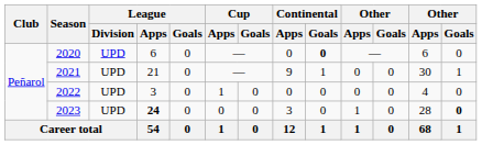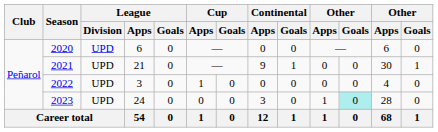 <table class="wikitable" Style="text-align: center">
 <tr>
 <th rowspan="2">Club</th>
 <th rowspan="2">Season</th>
 <th colspan="3">League</th>
 <th colspan="2">Cup</th>
 <th colspan="2">Continental</th>
 <th colspan="2">Other</th>
 <th colspan="2">Other</th>
 </tr>
 <tr>
 <th>Division</th>
 <th>Apps</th>
 <th>Goals</th>
 <th>Apps</th>
 <th>Goals</th>
 <th>Apps</th>
 <th>Goals</th>
 <th>Apps</th>
 <th>Goals</th>
 <th>Apps</th>
 <th>Goals</th>
 </tr>
 <tr>
 <td rowspan="4"><a href='#'>Peñarol</a></td>
 <td><a href='#'>2020</a></td>
 <td><a href='#'>UPD</a></td>
 <td>6</td>
 <td>0</td>
 <td colspan="2">—</td>
 <td>0</td>
-<td><strong>0</strong></td>
+<td>0</td>
 <td colspan="2">—</td>
 <td>6</td>
 <td>0</td>
 </tr>
 <tr>
 <td><a href='#'>2021</a></td>
 <td>UPD</td>
 <td>21</td>
 <td>0</td>
 <td colspan="2">—</td>
 <td>9</td>
 <td>1</td>
 <td>0</td>
 <td>0</td>
 <td>30</td>
 <td>1</td>
 </tr>
 <tr>
 <td><a href='#'>2022</a></td>
 <td>UPD</td>
 <td>3</td>
 <td>0</td>
 <td>1</td>
 <td>0</td>
 <td>0</td>
 <td>0</td>
 <td>0</td>
 <td>0</td>
 <td>4</td>
 <td>0</td>
 </tr>
 <tr>
 <td><a href='#'>2023</a></td>
 <td>UPD</td>
-<td><strong>24</strong></td>
+<td>24</td>
 <td>0</td>
 <td>0</td>
 <td>0</td>
 <td>3</td>
 <td>0</td>
 <td>1</td>
+<td style="background: paleturquoise;">0</td>
+<td>28</td>
 <td>0</td>
-<td>28</td>
-<td><strong>0</strong></td>
 </tr>
 <tr>
 <th colspan="3">Career total</th>
 <th>54</th>
 <th>0</th>
 <th>1</th>
 <th>0</th>
 <th>12</th>
 <th>1</th>
 <th>1</th>
 <th>0</th>
 <th>68</th>
 <th>1</th>
 </tr>
 </table>
